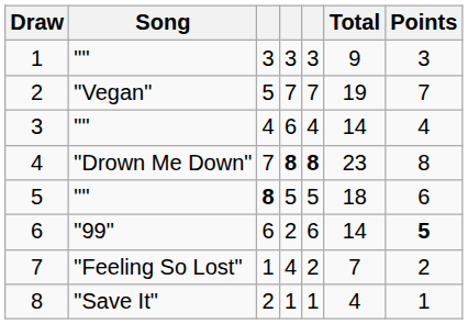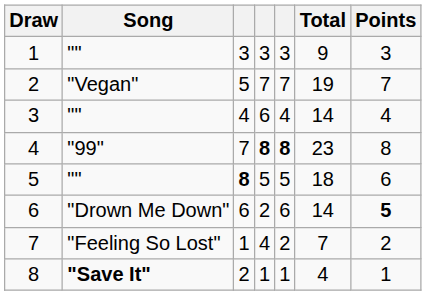 <table class="wikitable collapsible" style="float:right; margin:10px; text-align:center;">
 <tr>
 <th>Draw</th>
 <th>Song</th>
 <th><small></small></th>
 <th><small></small></th>
 <th><small></small></th>
 <th>Total</th>
 <th>Points</th>
 </tr>
 <tr>
 <td>1</td>
 <td align="left">""</td>
 <td>3</td>
 <td>3</td>
 <td>3</td>
 <td>9</td>
 <td>3</td>
 </tr>
 <tr>
 <td>2</td>
 <td align="left">"Vegan"</td>
 <td>5</td>
 <td>7</td>
 <td>7</td>
 <td>19</td>
 <td>7</td>
 </tr>
 <tr>
 <td>3</td>
 <td align="left">""</td>
 <td>4</td>
 <td>6</td>
 <td>4</td>
 <td>14</td>
 <td>4</td>
 </tr>
 <tr>
 <td>4</td>
-<td align="left">"Drown Me Down"</td>
+<td align="left">"99"</td>
 <td>7</td>
 <td><strong>8</strong></td>
 <td><strong>8</strong></td>
 <td>23</td>
 <td>8</td>
 </tr>
 <tr>
 <td>5</td>
 <td align="left">""</td>
 <td><strong>8</strong></td>
 <td>5</td>
 <td>5</td>
 <td>18</td>
 <td>6</td>
 </tr>
 <tr>
 <td>6</td>
-<td align="left">"99"</td>
+<td align="left">"Drown Me Down"</td>
 <td>6</td>
 <td>2</td>
 <td>6</td>
 <td>14</td>
 <td><strong>5</strong></td>
 </tr>
 <tr>
 <td>7</td>
 <td align="left">"Feeling So Lost"</td>
 <td>1</td>
 <td>4</td>
 <td>2</td>
 <td>7</td>
 <td>2</td>
 </tr>
 <tr>
 <td>8</td>
-<td align="left">"Save It"</td>
+<td align="left"><strong>"Save It"</strong></td>
 <td>2</td>
 <td>1</td>
 <td>1</td>
 <td>4</td>
 <td>1</td>
 </tr>
 </table>
